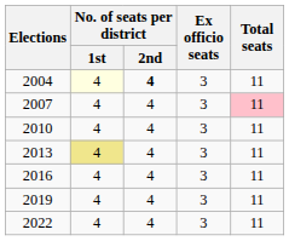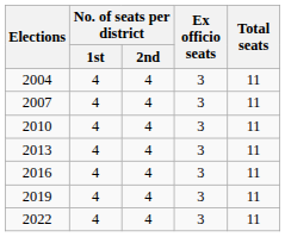 <table class=wikitable style="text-align:center">
 <tr>
 <th rowspan=2>Elections</th>
 <th colspan=2>No. of seats per district</th>
 <th width=50px rowspan=2>Ex officio seats</th>
 <th width=50px rowspan=2>Total seats</th>
 </tr>
 <tr>
 <th width=50px>1st</th>
 <th width=50px>2nd</th>
 </tr>
 <tr>
 <td>2004</td>
-<td style="background: lightyellow;">4</td>
-<td><strong>4</strong></td>
+<td>4</td>
+<td>4</td>
 <td>3</td>
 <td>11</td>
 </tr>
 <tr>
 <td>2007</td>
 <td>4</td>
 <td>4</td>
 <td>3</td>
-<td style="background: pink;">11</td>
+<td>11</td>
 </tr>
 <tr>
 <td>2010</td>
 <td>4</td>
 <td>4</td>
 <td>3</td>
 <td>11</td>
 </tr>
 <tr>
 <td>2013</td>
-<td style="background: khaki;">4</td>
+<td>4</td>
 <td>4</td>
 <td>3</td>
 <td>11</td>
 </tr>
 <tr>
 <td>2016</td>
 <td>4</td>
 <td>4</td>
 <td>3</td>
 <td>11</td>
 </tr>
 <tr>
 <td>2019</td>
 <td>4</td>
 <td>4</td>
 <td>3</td>
 <td>11</td>
 </tr>
 <tr>
 <td>2022</td>
 <td>4</td>
 <td>4</td>
 <td>3</td>
 <td>11</td>
 </tr>
 </table>
